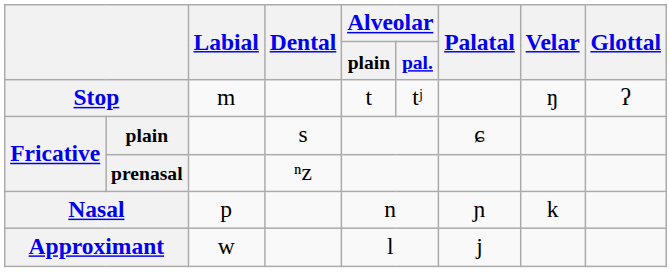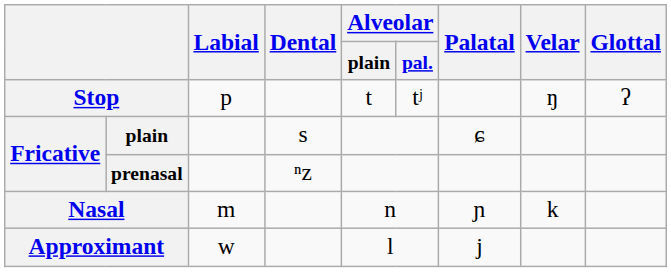 <table class="wikitable" style="text-align:center">
 <tr>
 <th colspan="2" rowspan="2"></th>
 <th rowspan="2"><a href='#'>Labial</a></th>
 <th rowspan="2"><a href='#'>Dental</a></th>
 <th colspan="2"><a href='#'>Alveolar</a></th>
 <th rowspan="2"><a href='#'>Palatal</a></th>
 <th rowspan="2"><a href='#'>Velar</a></th>
 <th rowspan="2"><a href='#'>Glottal</a></th>
 </tr>
 <tr>
 <th><small>plain</small></th>
 <th><small><a href='#'>pal.</a></small></th>
 </tr>
 <tr>
 <th colspan="2"><a href='#'>Stop</a></th>
-<td>m</td>
+<td>p</td>
 <td></td>
 <td>t</td>
 <td>tʲ</td>
 <td></td>
 <td>ŋ</td>
 <td>ʔ</td>
 </tr>
 <tr>
 <th rowspan="2"><a href='#'>Fricative</a></th>
 <th><small>plain</small></th>
 <td></td>
 <td>s</td>
 <td colspan="2"></td>
 <td>ɕ</td>
 <td></td>
 <td></td>
 </tr>
 <tr>
 <th><small>prenasal</small></th>
 <td></td>
 <td>ⁿz</td>
 <td colspan="2"></td>
 <td></td>
 <td></td>
 <td></td>
 </tr>
 <tr>
 <th colspan="2"><a href='#'>Nasal</a></th>
-<td>p</td>
+<td>m</td>
 <td></td>
 <td colspan="2">n</td>
 <td>ɲ</td>
 <td>k</td>
 <td></td>
 </tr>
 <tr>
 <th colspan="2"><a href='#'>Approximant</a></th>
 <td>w</td>
 <td></td>
 <td colspan="2">l</td>
 <td>j</td>
 <td></td>
 <td></td>
 </tr>
 </table>
